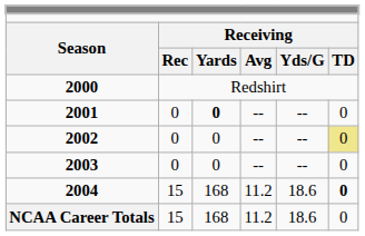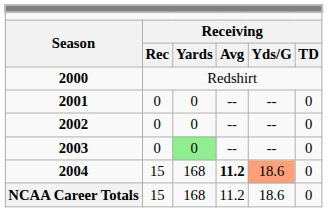 <table class=wikitable style="text-align:center;">
 <tr>
 <td ! colspan="10" style="background:gray; border:2px solid silver; color:white;"></td>
 </tr>
 <tr>
 <td ! colspan="10"></td>
 </tr>
 <tr>
 <th rowspan=2>Season</th>
 <th colspan=5>Receiving</th>
 </tr>
 <tr>
 <th>Rec</th>
 <th>Yards</th>
 <th>Avg</th>
 <th>Yds/G</th>
 <th>TD</th>
 </tr>
 <tr>
 <td><strong>2000</strong></td>
 <td colspan=14 style="text-align:center;">Redshirt</td>
 </tr>
 <tr>
 <td><strong>2001</strong></td>
 <td>0</td>
-<td><strong>0</strong></td>
+<td>0</td>
 <td>--</td>
 <td>--</td>
 <td>0</td>
 </tr>
 <tr>
 <td><strong>2002</strong></td>
 <td>0</td>
 <td>0</td>
 <td>--</td>
 <td>--</td>
-<td style="background: khaki;">0</td>
+<td>0</td>
 </tr>
 <tr>
 <td><strong>2003</strong></td>
 <td>0</td>
-<td>0</td>
+<td style="background: lightgreen;">0</td>
 <td>--</td>
 <td>--</td>
 <td>0</td>
 </tr>
 <tr>
 <td><strong>2004</strong></td>
 <td>15</td>
 <td>168</td>
-<td>11.2</td>
-<td>18.6</td>
-<td><strong>0</strong></td>
+<td><strong>11.2</strong></td>
+<td style="background: lightsalmon;">18.6</td>
+<td>0</td>
 </tr>
 <tr>
 <th>NCAA Career Totals</th>
 <td>15</td>
 <td>168</td>
 <td>11.2</td>
 <td>18.6</td>
 <td>0</td>
 </tr>
 </table>
